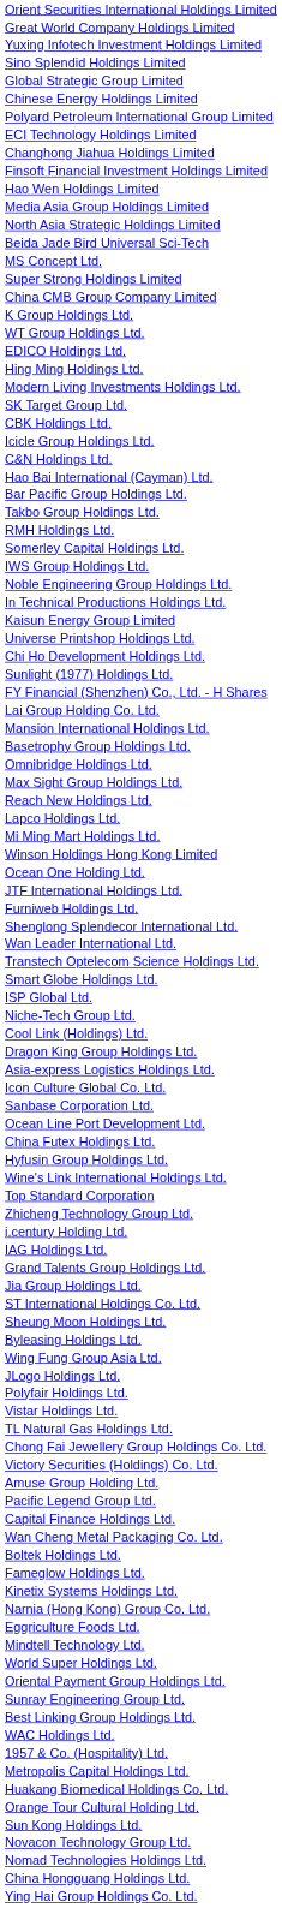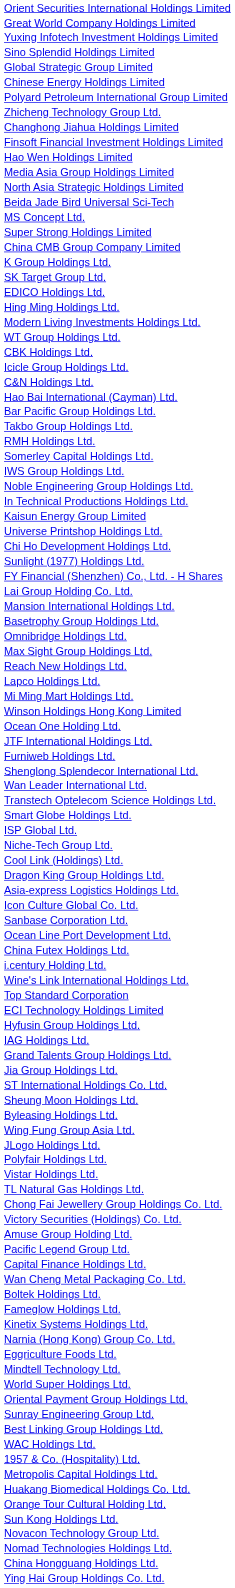 <table>
 <tr>
 <td> <a href='#'>Orient Securities International Holdings Limited</a></td>
 </tr>
 <tr>
 <td> <a href='#'>Great World Company Holdings Limited</a></td>
 </tr>
 <tr>
 <td> <a href='#'>Yuxing Infotech Investment Holdings Limited</a></td>
 </tr>
 <tr>
 <td> <a href='#'>Sino Splendid Holdings Limited</a></td>
 </tr>
 <tr>
 <td> <a href='#'>Global Strategic Group Limited</a></td>
 </tr>
 <tr>
 <td> <a href='#'>Chinese Energy Holdings Limited</a></td>
 </tr>
 <tr>
 <td> <a href='#'>Polyard Petroleum International Group Limited</a></td>
 </tr>
 <tr>
-<td> <a href='#'>ECI Technology Holdings Limited</a></td>
+<td> <a href='#'>Zhicheng Technology Group Ltd.</a></td>
 </tr>
 <tr>
 <td> <a href='#'>Changhong Jiahua Holdings Limited</a></td>
 </tr>
 <tr>
 <td> <a href='#'>Finsoft Financial Investment Holdings Limited</a></td>
 </tr>
 <tr>
 <td> <a href='#'>Hao Wen Holdings Limited</a></td>
 </tr>
 <tr>
 <td> <a href='#'>Media Asia Group Holdings Limited</a></td>
 </tr>
 <tr>
 <td> <a href='#'>North Asia Strategic Holdings Limited</a></td>
 </tr>
 <tr>
 <td> <a href='#'>Beida Jade Bird Universal Sci-Tech</a></td>
 </tr>
 <tr>
 <td> <a href='#'>MS Concept Ltd.</a></td>
 </tr>
 <tr>
 <td> <a href='#'>Super Strong Holdings Limited</a></td>
 </tr>
 <tr>
 <td> <a href='#'>China CMB Group Company Limited</a></td>
 </tr>
 <tr>
 <td> <a href='#'>K Group Holdings Ltd.</a></td>
 </tr>
 <tr>
-<td> <a href='#'>WT Group Holdings Ltd.</a></td>
+<td> <a href='#'>SK Target Group Ltd.</a></td>
 </tr>
 <tr>
 <td> <a href='#'>EDICO Holdings Ltd.</a></td>
 </tr>
 <tr>
 <td> <a href='#'>Hing Ming Holdings Ltd.</a></td>
 </tr>
 <tr>
 <td> <a href='#'>Modern Living Investments Holdings Ltd.</a></td>
 </tr>
 <tr>
-<td> <a href='#'>SK Target Group Ltd.</a></td>
+<td> <a href='#'>WT Group Holdings Ltd.</a></td>
 </tr>
 <tr>
 <td> <a href='#'>CBK Holdings Ltd.</a></td>
 </tr>
 <tr>
 <td> <a href='#'>Icicle Group Holdings Ltd.</a></td>
 </tr>
 <tr>
 <td> <a href='#'>C&N Holdings Ltd.</a></td>
 </tr>
 <tr>
 <td> <a href='#'>Hao Bai International (Cayman) Ltd.</a></td>
 </tr>
 <tr>
 <td> <a href='#'>Bar Pacific Group Holdings Ltd.</a></td>
 </tr>
 <tr>
 <td> <a href='#'>Takbo Group Holdings Ltd.</a></td>
 </tr>
 <tr>
 <td> <a href='#'>RMH Holdings Ltd.</a></td>
 </tr>
 <tr>
 <td> <a href='#'>Somerley Capital Holdings Ltd.</a></td>
 </tr>
 <tr>
 <td> <a href='#'>IWS Group Holdings Ltd.</a></td>
 </tr>
 <tr>
 <td> <a href='#'>Noble Engineering Group Holdings Ltd.</a></td>
 </tr>
 <tr>
 <td> <a href='#'>In Technical Productions Holdings Ltd.</a></td>
 </tr>
 <tr>
 <td> <a href='#'>Kaisun Energy Group Limited</a></td>
 </tr>
 <tr>
 <td> <a href='#'>Universe Printshop Holdings Ltd.</a></td>
 </tr>
 <tr>
 <td> <a href='#'>Chi Ho Development Holdings Ltd.</a></td>
 </tr>
 <tr>
 <td> <a href='#'>Sunlight (1977) Holdings Ltd.</a></td>
 </tr>
 <tr>
 <td> <a href='#'>FY Financial (Shenzhen) Co., Ltd. - H Shares</a></td>
 </tr>
 <tr>
 <td> <a href='#'>Lai Group Holding Co. Ltd.</a></td>
 </tr>
 <tr>
 <td> <a href='#'>Mansion International Holdings Ltd.</a></td>
 </tr>
 <tr>
 <td> <a href='#'>Basetrophy Group Holdings Ltd.</a></td>
 </tr>
 <tr>
 <td> <a href='#'>Omnibridge Holdings Ltd.</a></td>
 </tr>
 <tr>
 <td> <a href='#'>Max Sight Group Holdings Ltd.</a></td>
 </tr>
 <tr>
 <td> <a href='#'>Reach New Holdings Ltd.</a></td>
 </tr>
 <tr>
 <td> <a href='#'>Lapco Holdings Ltd.</a></td>
 </tr>
 <tr>
 <td> <a href='#'>Mi Ming Mart Holdings Ltd.</a></td>
 </tr>
 <tr>
 <td> <a href='#'>Winson Holdings Hong Kong Limited</a></td>
 </tr>
 <tr>
 <td> <a href='#'>Ocean One Holding Ltd.</a></td>
 </tr>
 <tr>
 <td> <a href='#'>JTF International Holdings Ltd.</a></td>
 </tr>
 <tr>
 <td> <a href='#'>Furniweb Holdings Ltd.</a></td>
 </tr>
 <tr>
 <td> <a href='#'>Shenglong Splendecor International Ltd.</a></td>
 </tr>
 <tr>
 <td> <a href='#'>Wan Leader International Ltd.</a></td>
 </tr>
 <tr>
 <td> <a href='#'>Transtech Optelecom Science Holdings Ltd.</a></td>
 </tr>
 <tr>
 <td> <a href='#'>Smart Globe Holdings Ltd.</a></td>
 </tr>
 <tr>
 <td> <a href='#'>ISP Global Ltd.</a></td>
 </tr>
 <tr>
 <td> <a href='#'>Niche-Tech Group Ltd.</a></td>
 </tr>
 <tr>
 <td> <a href='#'>Cool Link (Holdings) Ltd.</a></td>
 </tr>
 <tr>
 <td> <a href='#'>Dragon King Group Holdings Ltd.</a></td>
 </tr>
 <tr>
 <td> <a href='#'>Asia-express Logistics Holdings Ltd.</a></td>
 </tr>
 <tr>
 <td> <a href='#'>Icon Culture Global Co. Ltd.</a></td>
 </tr>
 <tr>
 <td> <a href='#'>Sanbase Corporation Ltd.</a></td>
 </tr>
 <tr>
 <td> <a href='#'>Ocean Line Port Development Ltd.</a></td>
 </tr>
 <tr>
 <td> <a href='#'>China Futex Holdings Ltd.</a></td>
 </tr>
 <tr>
-<td> <a href='#'>Hyfusin Group Holdings Ltd.</a></td>
+<td> <a href='#'>i.century Holding Ltd.</a></td>
 </tr>
 <tr>
 <td> <a href='#'>Wine's Link International Holdings Ltd.</a></td>
 </tr>
 <tr>
 <td> <a href='#'>Top Standard Corporation</a></td>
 </tr>
 <tr>
-<td> <a href='#'>Zhicheng Technology Group Ltd.</a></td>
+<td> <a href='#'>ECI Technology Holdings Limited</a></td>
 </tr>
 <tr>
-<td> <a href='#'>i.century Holding Ltd.</a></td>
+<td> <a href='#'>Hyfusin Group Holdings Ltd.</a></td>
 </tr>
 <tr>
 <td> <a href='#'>IAG Holdings Ltd.</a></td>
 </tr>
 <tr>
 <td> <a href='#'>Grand Talents Group Holdings Ltd.</a></td>
 </tr>
 <tr>
 <td> <a href='#'>Jia Group Holdings Ltd.</a></td>
 </tr>
 <tr>
 <td> <a href='#'>ST International Holdings Co. Ltd.</a></td>
 </tr>
 <tr>
 <td> <a href='#'>Sheung Moon Holdings Ltd.</a></td>
 </tr>
 <tr>
 <td> <a href='#'>Byleasing Holdings Ltd.</a></td>
 </tr>
 <tr>
 <td> <a href='#'>Wing Fung Group Asia Ltd.</a></td>
 </tr>
 <tr>
 <td> <a href='#'>JLogo Holdings Ltd.</a></td>
 </tr>
 <tr>
 <td> <a href='#'>Polyfair Holdings Ltd.</a></td>
 </tr>
 <tr>
 <td> <a href='#'>Vistar Holdings Ltd.</a></td>
 </tr>
 <tr>
 <td> <a href='#'>TL Natural Gas Holdings Ltd.</a></td>
 </tr>
 <tr>
 <td> <a href='#'>Chong Fai Jewellery Group Holdings Co. Ltd.</a></td>
 </tr>
 <tr>
 <td> <a href='#'>Victory Securities (Holdings) Co. Ltd.</a></td>
 </tr>
 <tr>
 <td> <a href='#'>Amuse Group Holding Ltd.</a></td>
 </tr>
 <tr>
 <td> <a href='#'>Pacific Legend Group Ltd.</a></td>
 </tr>
 <tr>
 <td> <a href='#'>Capital Finance Holdings Ltd.</a></td>
 </tr>
 <tr>
 <td> <a href='#'>Wan Cheng Metal Packaging Co. Ltd.</a></td>
 </tr>
 <tr>
 <td> <a href='#'>Boltek Holdings Ltd.</a></td>
 </tr>
 <tr>
 <td> <a href='#'>Fameglow Holdings Ltd.</a></td>
 </tr>
 <tr>
 <td> <a href='#'>Kinetix Systems Holdings Ltd.</a></td>
 </tr>
 <tr>
 <td> <a href='#'>Narnia (Hong Kong) Group Co. Ltd.</a></td>
 </tr>
 <tr>
 <td> <a href='#'>Eggriculture Foods Ltd.</a></td>
 </tr>
 <tr>
 <td> <a href='#'>Mindtell Technology Ltd.</a></td>
 </tr>
 <tr>
 <td> <a href='#'>World Super Holdings Ltd.</a></td>
 </tr>
 <tr>
 <td> <a href='#'>Oriental Payment Group Holdings Ltd.</a></td>
 </tr>
 <tr>
 <td> <a href='#'>Sunray Engineering Group Ltd.</a></td>
 </tr>
 <tr>
 <td> <a href='#'>Best Linking Group Holdings Ltd.</a></td>
 </tr>
 <tr>
 <td> <a href='#'>WAC Holdings Ltd.</a></td>
 </tr>
 <tr>
 <td> <a href='#'>1957 & Co. (Hospitality) Ltd.</a></td>
 </tr>
 <tr>
 <td> <a href='#'>Metropolis Capital Holdings Ltd.</a></td>
 </tr>
 <tr>
 <td> <a href='#'>Huakang Biomedical Holdings Co. Ltd.</a></td>
 </tr>
 <tr>
 <td> <a href='#'>Orange Tour Cultural Holding Ltd.</a></td>
 </tr>
 <tr>
 <td> <a href='#'>Sun Kong Holdings Ltd.</a></td>
 </tr>
 <tr>
 <td> <a href='#'>Novacon Technology Group Ltd.</a></td>
 </tr>
 <tr>
 <td> <a href='#'>Nomad Technologies Holdings Ltd.</a></td>
 </tr>
 <tr>
 <td> <a href='#'>China Hongguang Holdings Ltd.</a></td>
 </tr>
 <tr>
 <td> <a href='#'>Ying Hai Group Holdings Co. Ltd.</a></td>
 </tr>
 </table>
